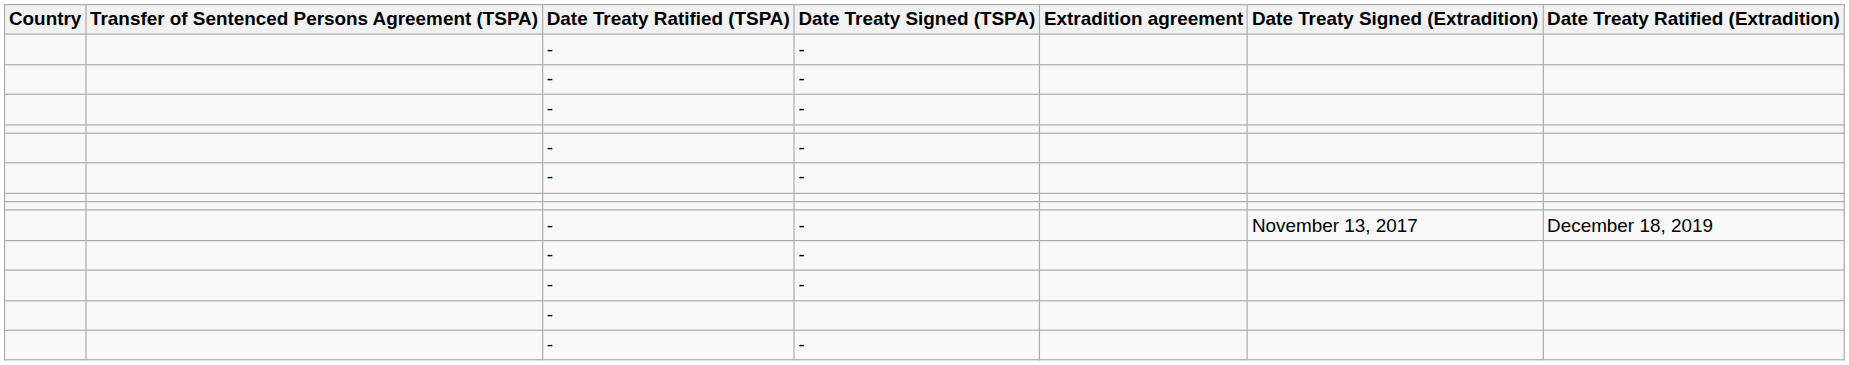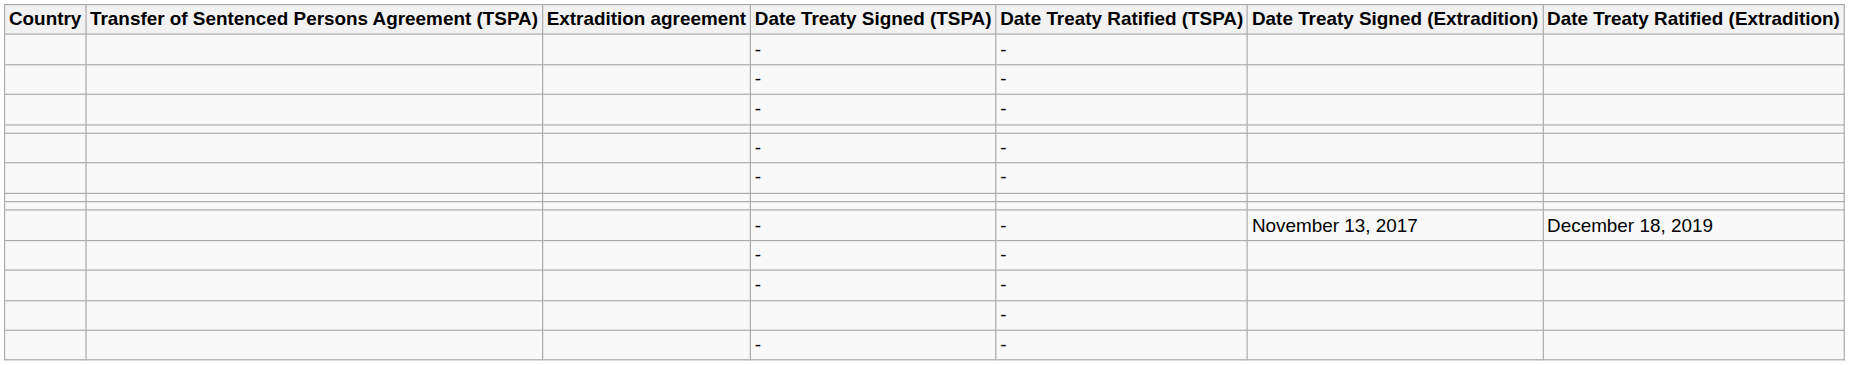 <table class="wikitable sortable">
 <tr>
 <th>Country</th>
 <th>Transfer of Sentenced Persons Agreement (TSPA)</th>
+<th>Extradition agreement</th>
+<th>Date Treaty Signed (TSPA)</th>
 <th>Date Treaty Ratified (TSPA)</th>
-<th>Date Treaty Signed (TSPA)</th>
-<th>Extradition agreement</th>
 <th>Date Treaty Signed (Extradition)</th>
 <th>Date Treaty Ratified (Extradition)</th>
 </tr>
 <tr>
 <td></td>
 <td></td>
+<td></td>
 <td><div>-</div></td>
 <td><div>-</div></td>
-<td></td>
 <td></td>
 <td></td>
 </tr>
 <tr>
 <td></td>
 <td></td>
+<td></td>
 <td><div>-</div></td>
 <td><div>-</div></td>
-<td></td>
 <td></td>
 <td></td>
 </tr>
 <tr>
 <td></td>
 <td></td>
+<td></td>
 <td><div>-</div></td>
 <td><div>-</div></td>
-<td></td>
 <td></td>
 <td></td>
 </tr>
 <tr>
 <td></td>
 <td></td>
 <td></td>
 <td></td>
 <td></td>
 <td></td>
 <td></td>
 </tr>
 <tr>
 <td></td>
 <td></td>
+<td></td>
 <td><div>-</div></td>
 <td><div>-</div></td>
-<td></td>
 <td></td>
 <td></td>
 </tr>
 <tr>
 <td></td>
 <td></td>
+<td></td>
 <td><div>-</div></td>
 <td><div>-</div></td>
-<td></td>
 <td></td>
 <td></td>
 </tr>
 <tr>
 <td></td>
 <td></td>
 <td></td>
 <td></td>
 <td></td>
 <td></td>
 <td></td>
 </tr>
 <tr>
 <td></td>
 <td></td>
 <td></td>
 <td></td>
 <td></td>
 <td></td>
 <td></td>
 </tr>
 <tr>
 <td></td>
 <td></td>
+<td></td>
 <td><div>-</div></td>
 <td><div>-</div></td>
-<td></td>
 <td>November 13, 2017</td>
 <td>December 18, 2019</td>
 </tr>
 <tr>
 <td></td>
 <td></td>
+<td></td>
 <td><div>-</div></td>
 <td><div>-</div></td>
-<td></td>
 <td></td>
 <td></td>
 </tr>
 <tr>
 <td></td>
 <td></td>
+<td></td>
 <td><div>-</div></td>
 <td><div>-</div></td>
-<td></td>
 <td></td>
 <td></td>
 </tr>
 <tr>
 <td></td>
 <td></td>
-<td><div>-</div></td>
 <td></td>
 <td></td>
+<td><div>-</div></td>
 <td></td>
 <td></td>
 </tr>
 <tr>
 <td></td>
 <td></td>
+<td></td>
 <td><div>-</div></td>
 <td><div>-</div></td>
 <td></td>
 <td></td>
-<td></td>
 </tr>
 </table>
